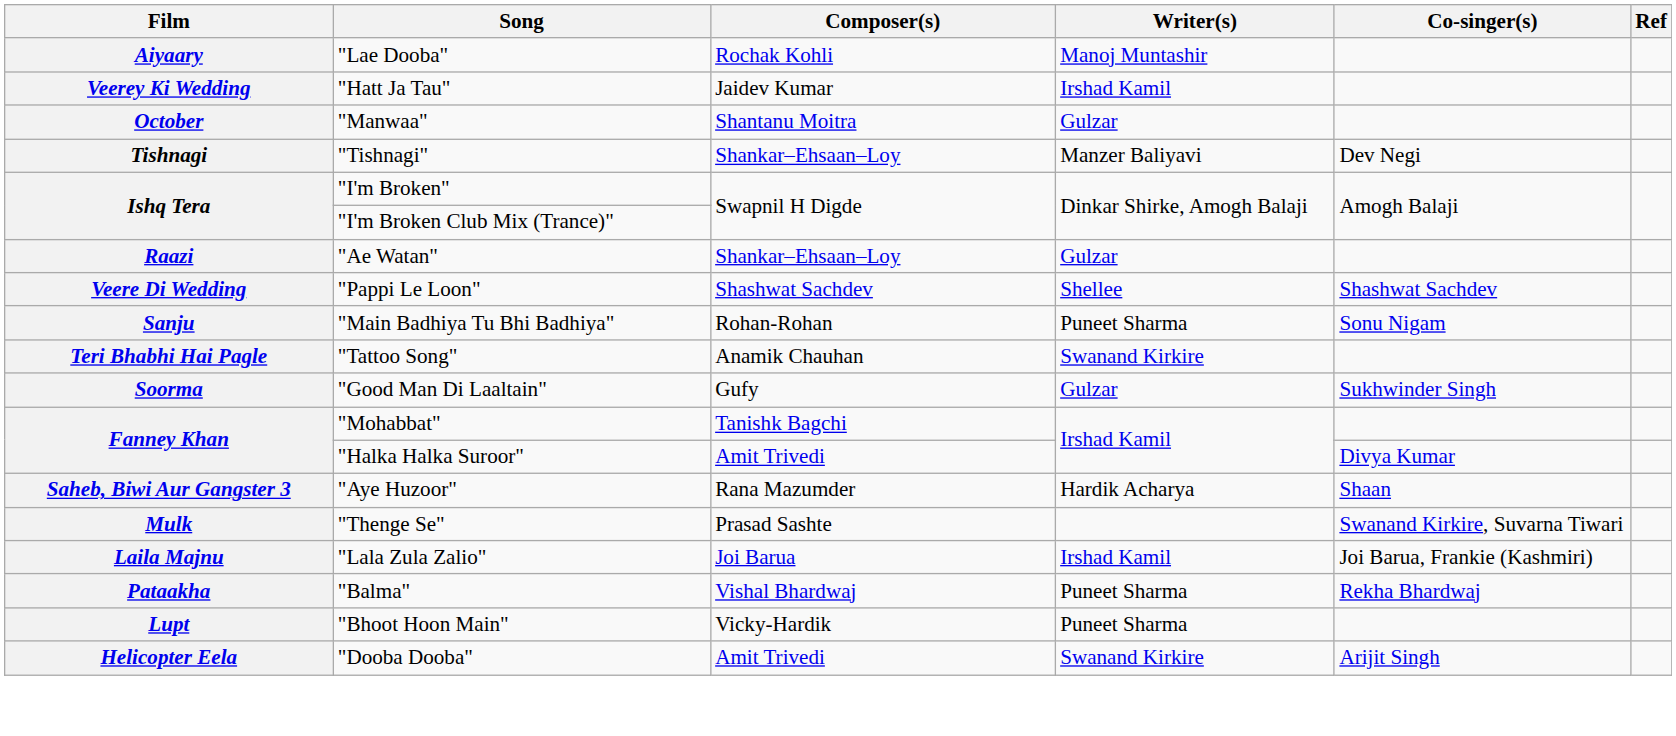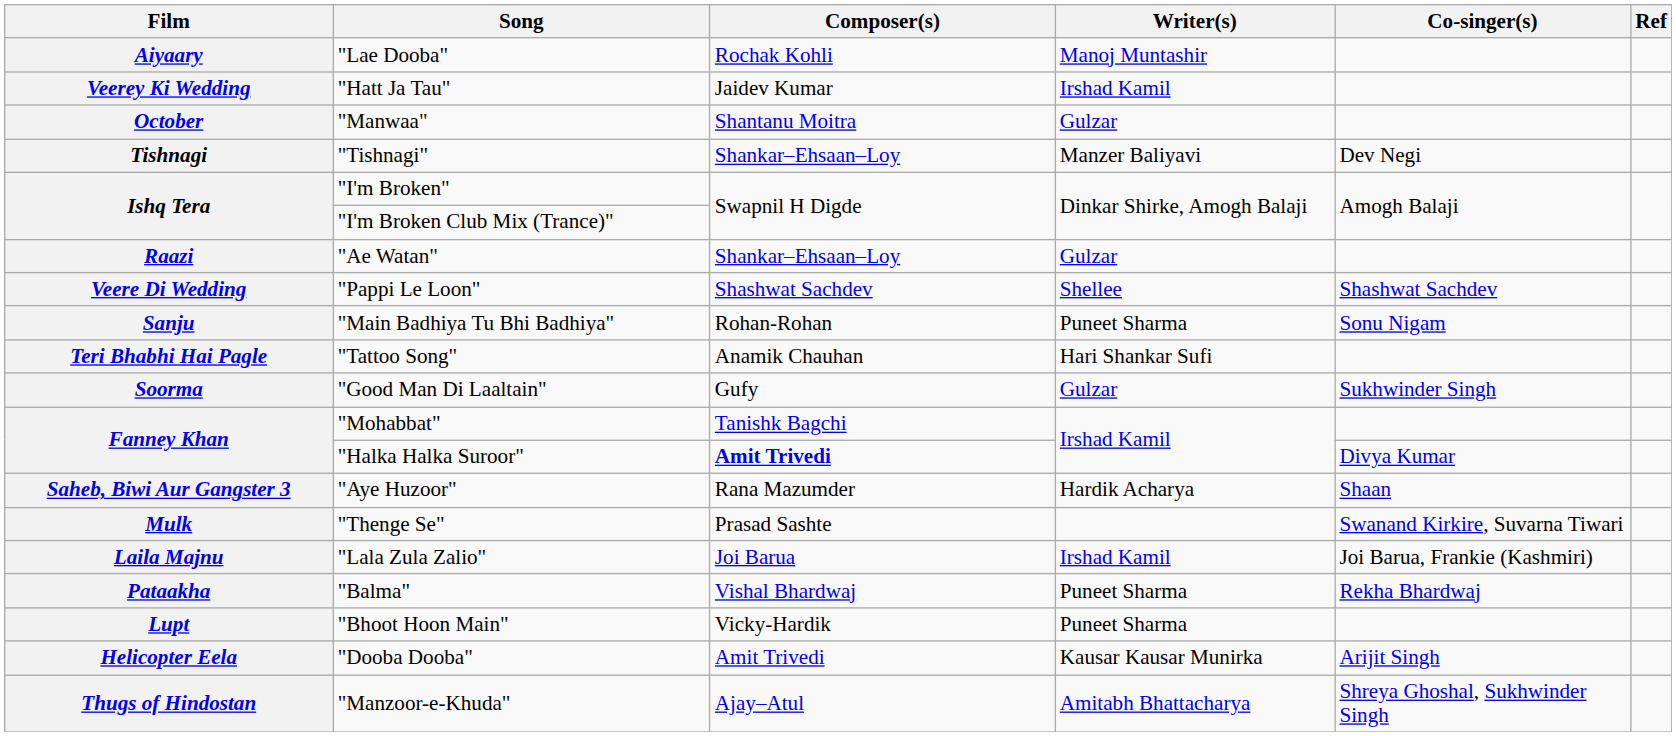 <table class="wikitable plainrowheaders" width="100%">
 <tr>
 <th width=20%>Film</th>
 <th width=23%>Song</th>
 <th width=21%>Composer(s)</th>
 <th width=17%>Writer(s)</th>
 <th width=18%>Co-singer(s)</th>
 <th width=1%>Ref</th>
 </tr>
 <tr>
 <th scope="row"><em><a href='#'>Aiyaary</a></em></th>
 <td>"Lae Dooba"</td>
 <td><a href='#'>Rochak Kohli</a></td>
 <td><a href='#'>Manoj Muntashir</a></td>
 <td></td>
 <td></td>
 </tr>
 <tr>
 <th scope="row"><em><a href='#'>Veerey Ki Wedding</a></em></th>
 <td>"Hatt Ja Tau"</td>
 <td>Jaidev Kumar</td>
 <td><a href='#'>Irshad Kamil</a></td>
 <td></td>
 <td></td>
 </tr>
 <tr>
 <th scope="row"><em><a href='#'>October</a></em></th>
 <td>"Manwaa"</td>
 <td><a href='#'>Shantanu Moitra</a></td>
 <td><a href='#'>Gulzar</a></td>
 <td></td>
 <td></td>
 </tr>
 <tr>
 <th scope="row"><em>Tishnagi</em></th>
 <td>"Tishnagi"</td>
 <td><a href='#'>Shankar–Ehsaan–Loy</a></td>
 <td>Manzer Baliyavi</td>
 <td>Dev Negi</td>
 <td></td>
 </tr>
 <tr>
 <th scope="row" rowspan="2"><em>Ishq Tera</em></th>
 <td>"I'm Broken"</td>
 <td rowspan="2">Swapnil H Digde</td>
 <td rowspan="2">Dinkar Shirke, Amogh Balaji</td>
 <td rowspan="2">Amogh Balaji</td>
 <td rowspan="2"></td>
 </tr>
 <tr>
 <td>"I'm Broken Club Mix (Trance)"</td>
 </tr>
 <tr>
 <th scope="row"><em><a href='#'>Raazi</a></em></th>
 <td>"Ae Watan"</td>
 <td><a href='#'>Shankar–Ehsaan–Loy</a></td>
 <td><a href='#'>Gulzar</a></td>
 <td></td>
 <td></td>
 </tr>
 <tr>
 <th scope="row"><em><a href='#'>Veere Di Wedding</a></em></th>
 <td>"Pappi Le Loon"</td>
 <td><a href='#'>Shashwat Sachdev</a></td>
 <td><a href='#'>Shellee</a></td>
 <td><a href='#'>Shashwat Sachdev</a></td>
 <td></td>
 </tr>
 <tr>
 <th scope="row"><em><a href='#'>Sanju</a></em></th>
 <td>"Main Badhiya Tu Bhi Badhiya"</td>
 <td>Rohan-Rohan</td>
 <td>Puneet Sharma</td>
 <td><a href='#'>Sonu Nigam</a></td>
 <td></td>
 </tr>
 <tr>
 <th scope="row"><em><a href='#'>Teri Bhabhi Hai Pagle</a></em></th>
 <td>"Tattoo Song"</td>
 <td>Anamik Chauhan</td>
-<td><a href='#'>Swanand Kirkire</a></td>
+<td>Hari Shankar Sufi</td>
 <td></td>
 <td></td>
 </tr>
 <tr>
 <th scope="row"><em><a href='#'>Soorma</a></em></th>
 <td>"Good Man Di Laaltain"</td>
 <td>Gufy</td>
 <td><a href='#'>Gulzar</a></td>
 <td><a href='#'>Sukhwinder Singh</a></td>
 <td></td>
 </tr>
 <tr>
 <th scope="row" rowspan="2"><em><a href='#'>Fanney Khan</a></em></th>
 <td>"Mohabbat"</td>
 <td><a href='#'>Tanishk Bagchi</a></td>
 <td rowspan="2"><a href='#'>Irshad Kamil</a></td>
 <td></td>
 <td></td>
 </tr>
 <tr>
 <td>"Halka Halka Suroor"</td>
-<td><a href='#'>Amit Trivedi</a></td>
+<td><strong><a href='#'>Amit Trivedi</a></strong></td>
 <td><a href='#'>Divya Kumar</a></td>
 <td></td>
 </tr>
 <tr>
 <th scope="row"><em><a href='#'>Saheb, Biwi Aur Gangster 3</a></em></th>
 <td>"Aye Huzoor"</td>
 <td>Rana Mazumder</td>
 <td>Hardik Acharya</td>
 <td><a href='#'>Shaan</a></td>
 <td></td>
 </tr>
 <tr>
 <th scope="row"><em><a href='#'>Mulk</a></em></th>
 <td>"Thenge Se"</td>
 <td>Prasad Sashte</td>
 <td></td>
 <td><a href='#'>Swanand Kirkire</a>, Suvarna Tiwari</td>
 <td></td>
 </tr>
 <tr>
 <th scope="row"><em><a href='#'>Laila Majnu</a></em></th>
 <td>"Lala Zula Zalio"</td>
 <td><a href='#'>Joi Barua</a></td>
 <td><a href='#'>Irshad Kamil</a></td>
 <td>Joi Barua, Frankie (Kashmiri)</td>
 <td></td>
 </tr>
 <tr>
 <th scope="row"><em><a href='#'>Pataakha</a></em></th>
 <td>"Balma"</td>
 <td><a href='#'>Vishal Bhardwaj</a></td>
 <td>Puneet Sharma</td>
 <td><a href='#'>Rekha Bhardwaj</a></td>
 <td></td>
 </tr>
 <tr>
 <th scope="row"><em><a href='#'>Lupt</a></em></th>
 <td>"Bhoot Hoon Main"</td>
 <td>Vicky-Hardik</td>
 <td>Puneet Sharma</td>
 <td></td>
 <td></td>
 </tr>
 <tr>
 <th scope="row"><em><a href='#'>Helicopter Eela</a></em></th>
 <td>"Dooba Dooba"</td>
 <td><a href='#'>Amit Trivedi</a></td>
-<td><a href='#'>Swanand Kirkire</a></td>
+<td>Kausar Kausar Munirka</td>
 <td><a href='#'>Arijit Singh</a></td>
 <td></td>
 </tr>
+<tr>
+<th scope="row"><em><a href='#'>Thugs of Hindostan</a></em></th>
+<td>"Manzoor-e-Khuda"</td>
+<td><a href='#'>Ajay–Atul</a></td>
+<td><a href='#'>Amitabh Bhattacharya</a></td>
+<td><a href='#'>Shreya Ghoshal</a>, <a href='#'>Sukhwinder Singh</a></td>
+<td></td>
+</tr>
 </table>
